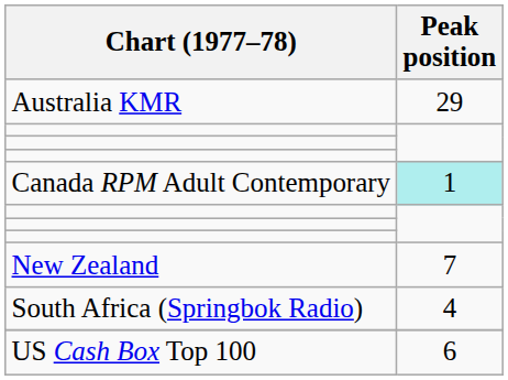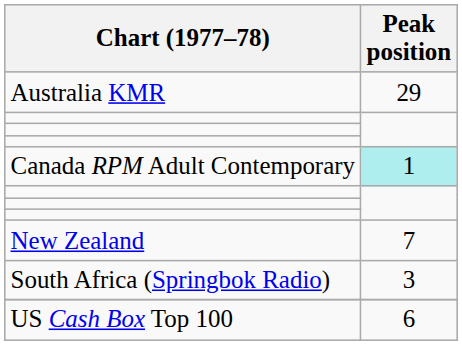 <table class="wikitable sortable">
 <tr>
 <th>Chart (1977–78)</th>
 <th>Peak<br>position</th>
 </tr>
 <tr>
 <td>Australia <a href='#'>KMR</a></td>
 <td style="text-align:center;">29</td>
 </tr>
 <tr>
 <td></td>
 </tr>
 <tr>
 <td></td>
 </tr>
 <tr>
 <td></td>
 </tr>
 <tr>
 <td>Canada <em>RPM</em> Adult Contemporary</td>
 <td style="background: paleturquoise; text-align:center;">1</td>
 </tr>
 <tr>
 <td></td>
 </tr>
 <tr>
 <td></td>
 </tr>
 <tr>
 <td></td>
 </tr>
 <tr>
 <td><a href='#'>New Zealand</a></td>
 <td style="text-align:center;">7</td>
 </tr>
 <tr>
 <td>South Africa (<a href='#'>Springbok Radio</a>)</td>
-<td align="center">4</td>
+<td align="center">3</td>
 </tr>
 <tr>
 </tr>
 <tr>
 </tr>
 <tr>
 </tr>
 <tr>
 <td>US <a href='#'><em>Cash Box</em></a> Top 100</td>
 <td align="center">6</td>
 </tr>
 </table>
